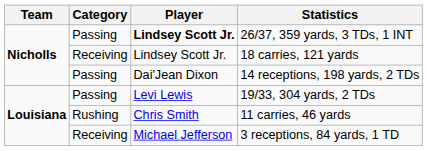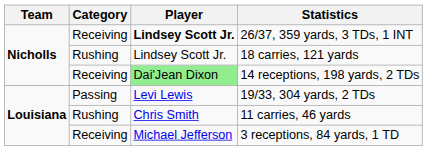 <table class="wikitable" style="float: left;">
 <tr>
 <th>Team</th>
 <th>Category</th>
 <th>Player</th>
 <th>Statistics</th>
 </tr>
 <tr>
 <td rowspan=3><strong>Nicholls</strong></td>
-<td>Passing</td>
+<td>Receiving</td>
 <td><strong>Lindsey Scott Jr.</strong></td>
 <td>26/37, 359 yards, 3 TDs, 1 INT</td>
 </tr>
 <tr>
-<td>Receiving</td>
+<td>Rushing</td>
 <td>Lindsey Scott Jr.</td>
 <td>18 carries, 121 yards</td>
 </tr>
 <tr>
-<td>Passing</td>
-<td>Dai'Jean Dixon</td>
+<td>Receiving</td>
+<td style="background: lightgreen;">Dai'Jean Dixon</td>
 <td>14 receptions, 198 yards, 2 TDs</td>
 </tr>
 <tr>
 <td rowspan=3><strong>Louisiana</strong></td>
 <td>Passing</td>
 <td><a href='#'>Levi Lewis</a></td>
 <td>19/33, 304 yards, 2 TDs</td>
 </tr>
 <tr>
 <td>Rushing</td>
 <td><a href='#'>Chris Smith</a></td>
 <td>11 carries, 46 yards</td>
 </tr>
 <tr>
 <td>Receiving</td>
 <td><a href='#'>Michael Jefferson</a></td>
 <td>3 receptions, 84 yards, 1 TD</td>
 </tr>
 </table>
